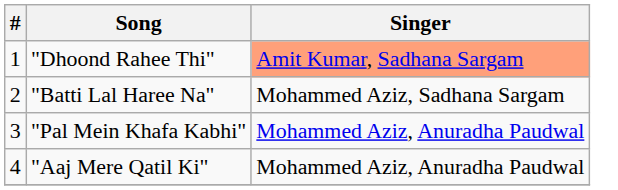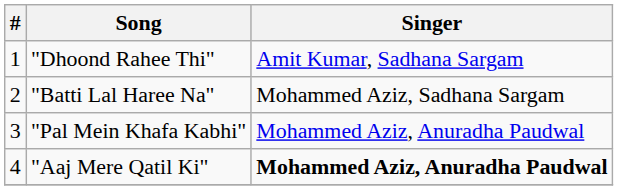 <table class="wikitable" style="font-size:95%;">
 <tr>
 <th>#</th>
 <th>Song</th>
 <th>Singer</th>
 </tr>
 <tr>
 <td>1</td>
 <td>"Dhoond Rahee Thi"</td>
-<td style="background: lightsalmon;"><a href='#'>Amit Kumar</a>, <a href='#'>Sadhana Sargam</a></td>
+<td><a href='#'>Amit Kumar</a>, <a href='#'>Sadhana Sargam</a></td>
 </tr>
 <tr>
 <td>2</td>
 <td>"Batti Lal Haree Na"</td>
 <td>Mohammed Aziz, Sadhana Sargam</td>
 </tr>
 <tr>
 <td>3</td>
 <td>"Pal Mein Khafa Kabhi"</td>
 <td><a href='#'>Mohammed Aziz</a>, <a href='#'>Anuradha Paudwal</a></td>
 </tr>
 <tr>
 <td>4</td>
 <td>"Aaj Mere Qatil Ki"</td>
-<td>Mohammed Aziz, Anuradha Paudwal</td>
+<td><strong>Mohammed Aziz, Anuradha Paudwal</strong></td>
 </tr>
 <tr>
 </tr>
 </table>
